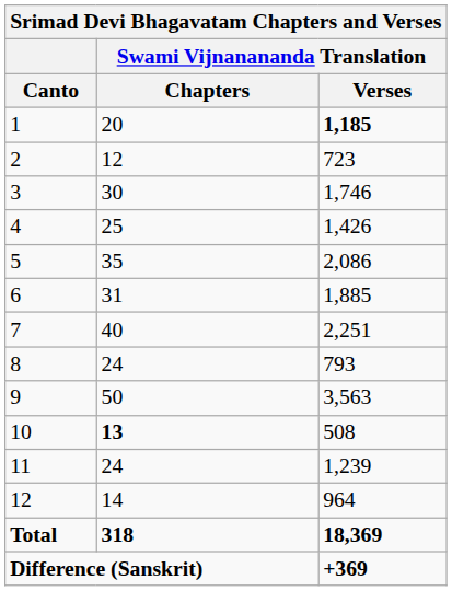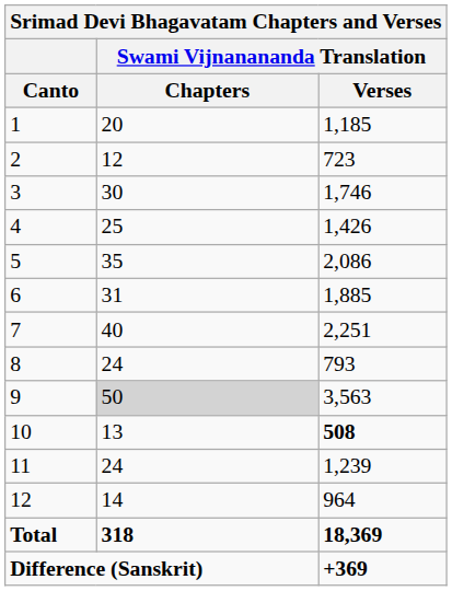 <table class="wikitable">
 <tr>
 <th colspan="3">Srimad Devi Bhagavatam Chapters and Verses</th>
 </tr>
 <tr>
 <th></th>
 <th colspan="2"><strong><a href='#'>Swami Vijnanananda</a> Translation</strong></th>
 </tr>
 <tr>
 <th><strong>Canto</strong></th>
 <th><strong>Chapters</strong></th>
 <th><strong>Verses</strong></th>
 </tr>
 <tr>
 <td>1</td>
 <td>20</td>
-<td><strong>1,185</strong></td>
+<td>1,185</td>
 </tr>
 <tr>
 <td>2</td>
 <td>12</td>
 <td>723</td>
 </tr>
 <tr>
 <td>3</td>
 <td>30</td>
 <td>1,746</td>
 </tr>
 <tr>
 <td>4</td>
 <td>25</td>
 <td>1,426</td>
 </tr>
 <tr>
 <td>5</td>
 <td>35</td>
 <td>2,086</td>
 </tr>
 <tr>
 <td>6</td>
 <td>31</td>
 <td>1,885</td>
 </tr>
 <tr>
 <td>7</td>
 <td>40</td>
 <td>2,251</td>
 </tr>
 <tr>
 <td>8</td>
 <td>24</td>
 <td>793</td>
 </tr>
 <tr>
 <td>9</td>
-<td>50</td>
+<td style="background: lightgrey;">50</td>
 <td>3,563</td>
 </tr>
 <tr>
 <td>10</td>
-<td><strong>13</strong></td>
-<td>508</td>
+<td>13</td>
+<td><strong>508</strong></td>
 </tr>
 <tr>
 <td>11</td>
 <td>24</td>
 <td>1,239</td>
 </tr>
 <tr>
 <td>12</td>
 <td>14</td>
 <td>964</td>
 </tr>
 <tr>
 <td><strong>Total</strong></td>
 <td><strong>318</strong></td>
 <td><strong>18,369</strong></td>
 </tr>
 <tr>
 <td colspan="2"><strong>Difference (Sanskrit)</strong></td>
 <td><strong>+369</strong></td>
 </tr>
 </table>
